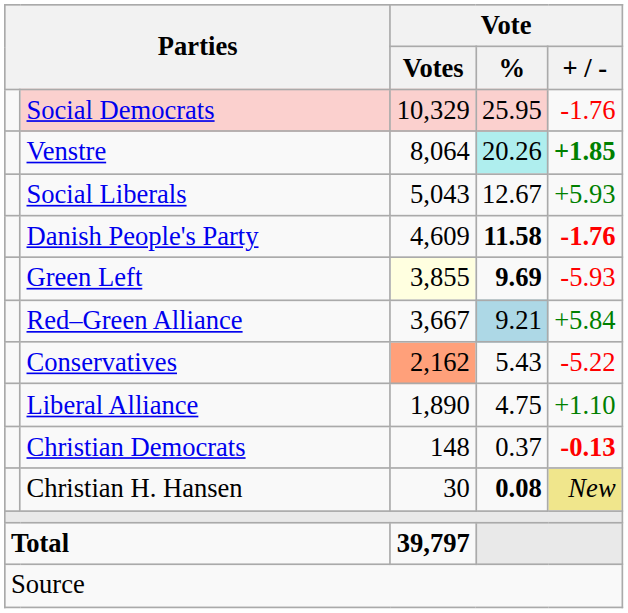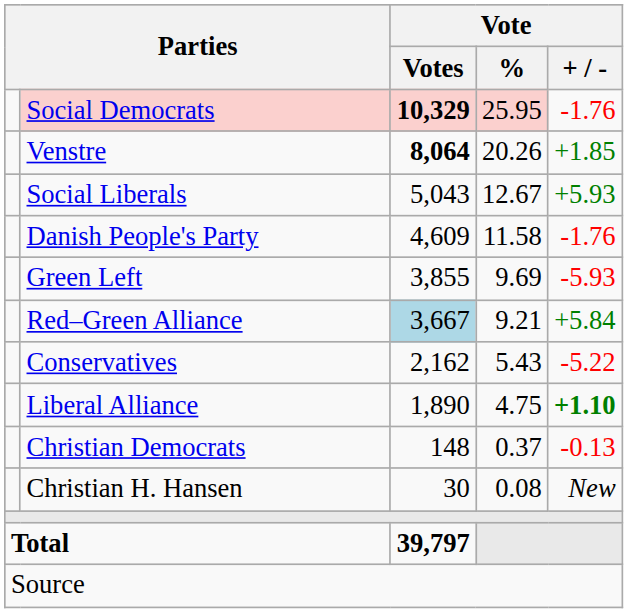 <table class="wikitable" style="text-align:right;">
 <tr>
 <th style="text-align:centre;" rowspan="2" colspan="2" width="225">Parties</th>
 <th colspan="3">Vote</th>
 </tr>
 <tr>
 <th width="15">Votes</th>
 <th width="15">%</th>
 <th width="15">+ / -</th>
 </tr>
 <tr>
 <td width="2" style="color:inherit;background:"></td>
 <td bgcolor=#fbd0ce  align="left"><a href='#'>Social Democrats</a></td>
-<td bgcolor=#fbd0ce>10,329</td>
+<td bgcolor=#fbd0ce><strong>10,329</strong></td>
 <td bgcolor=#fbd0ce>25.95</td>
 <td style=color:red;>-1.76</td>
 </tr>
 <tr>
 <td width="2" style="color:inherit;background:"></td>
 <td align="left"><a href='#'>Venstre</a></td>
-<td>8,064</td>
-<td style="background: paleturquoise;">20.26</td>
-<td style=color:green;><strong>+1.85</strong></td>
+<td><strong>8,064</strong></td>
+<td>20.26</td>
+<td style=color:green;>+1.85</td>
 </tr>
 <tr>
 <td width="2" style="color:inherit;background:"></td>
 <td align="left"><a href='#'>Social Liberals</a></td>
 <td>5,043</td>
 <td>12.67</td>
 <td style=color:green;>+5.93</td>
 </tr>
 <tr>
 <td width="2" style="color:inherit;background:"></td>
 <td align="left"><a href='#'>Danish People's Party</a></td>
 <td>4,609</td>
-<td><strong>11.58</strong></td>
-<td style=color:red;><strong>-1.76</strong></td>
+<td>11.58</td>
+<td style=color:red;>-1.76</td>
 </tr>
 <tr>
 <td width="2" style="color:inherit;background:"></td>
 <td align="left"><a href='#'>Green Left</a></td>
-<td style="background: lightyellow;">3,855</td>
-<td><strong>9.69</strong></td>
+<td>3,855</td>
+<td>9.69</td>
 <td style=color:red;>-5.93</td>
 </tr>
 <tr>
 <td width="2" style="color:inherit;background:"></td>
 <td align="left"><a href='#'>Red–Green Alliance</a></td>
-<td>3,667</td>
-<td style="background: lightblue;">9.21</td>
+<td style="background: lightblue;">3,667</td>
+<td>9.21</td>
 <td style=color:green;>+5.84</td>
 </tr>
 <tr>
 <td width="2" style="color:inherit;background:"></td>
 <td align="left"><a href='#'>Conservatives</a></td>
-<td style="background: lightsalmon;">2,162</td>
+<td>2,162</td>
 <td>5.43</td>
 <td style=color:red;>-5.22</td>
 </tr>
 <tr>
 <td width="2" style="color:inherit;background:"></td>
 <td align="left"><a href='#'>Liberal Alliance</a></td>
 <td>1,890</td>
 <td>4.75</td>
-<td style=color:green;>+1.10</td>
+<td style=color:green;><strong>+1.10</strong></td>
 </tr>
 <tr>
 <td width="2" style="color:inherit;background:"></td>
 <td align="left"><a href='#'>Christian Democrats</a></td>
 <td>148</td>
 <td>0.37</td>
-<td style=color:red;><strong>-0.13</strong></td>
+<td style=color:red;>-0.13</td>
 </tr>
 <tr>
 <td width="2" style="color:inherit;background:"></td>
 <td align="left">Christian H. Hansen</td>
 <td>30</td>
-<td><strong>0.08</strong></td>
-<td style="background: khaki;"><em>New</em></td>
+<td>0.08</td>
+<td><em>New</em></td>
 </tr>
 <tr>
 <td colspan="7" bgcolor="#E9E9E9"></td>
 </tr>
 <tr>
 <td align="left" colspan="2"><strong>Total</strong></td>
 <td><strong>39,797</strong></td>
 <td bgcolor="#E9E9E9" colspan="2"></td>
 </tr>
 <tr>
 <td align="left" colspan="6">Source</td>
 </tr>
 </table>
